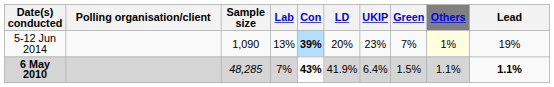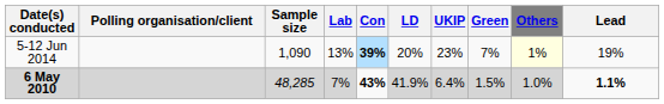 <table class="wikitable sortable" style="text-align:center;font-size:90%;line-height:14px">
 <tr>
 <th ! style="width:75px;">Date(s)<br>conducted</th>
 <th style="width:200px;">Polling organisation/client</th>
 <th class="unsortable" style="width:60px;">Sample size</th>
 <th class="unsortable" style="background:"><a href='#'><span>Lab</span></a></th>
 <th class="unsortable" style="background:"><a href='#'><span>Con</span></a></th>
 <th class="unsortable" style="background:"><a href='#'><span>LD</span></a></th>
 <th class="unsortable" style="background:"><a href='#'><span>UKIP</span></a></th>
 <th class="unsortable" style="background:"><a href='#'><span>Green</span></a></th>
 <th class="unsortable" style="background:gray; width:50px;"><a href='#'><span>Others</span></a></th>
 <th class="unsortable" style="width:100px;">Lead</th>
 </tr>
 <tr>
 <td>5-12 Jun 2014</td>
 <td> </td>
 <td>1,090</td>
 <td>13%</td>
 <td style="background:#B3E0FF"><strong>39%</strong></td>
 <td>20%</td>
 <td>23%</td>
 <td>7%</td>
 <td style="background: lightyellow;">1%</td>
 <td style="background:">19%</td>
 </tr>
 <tr>
 <td style="background:#D5D5D5"><strong>6 May 2010</strong></td>
 <td style="background:#D5D5D5"></td>
 <td style="background:#D5D5D5"><em>48,285</em></td>
 <td style="background:#D5D5D5">7%</td>
 <td style="background:"><strong>43%</strong></td>
 <td style="background:#D5D5D5">41.9%</td>
 <td style="background:#D5D5D5">6.4%</td>
 <td style="background:#D5D5D5">1.5%</td>
-<td style="background:#D5D5D5">1.1%</td>
+<td style="background:#D5D5D5">1.0%</td>
 <td style="background:"><strong>1.1% </strong></td>
 </tr>
 </table>
